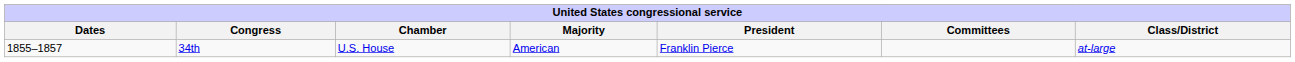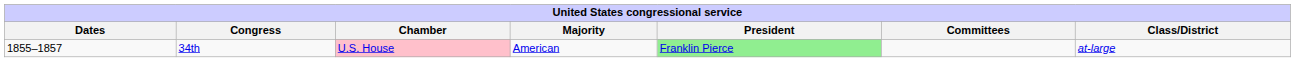 <table class=wikitable style="width: 94%" style="text-align: center;" align="center">
 <tr bgcolor=#cccccc>
 <th colspan=7 style="background: #ccccff;">United States congressional service</th>
 </tr>
 <tr>
 <th><strong>Dates</strong></th>
 <th><strong>Congress</strong></th>
 <th><strong>Chamber</strong></th>
 <th><strong>Majority</strong></th>
 <th><strong>President</strong></th>
 <th><strong>Committees</strong></th>
 <th><strong>Class/District</strong></th>
 </tr>
 <tr>
 <td>1855–1857</td>
 <td><a href='#'>34th</a></td>
-<td><a href='#'>U.S. House</a></td>
+<td style="background: pink;"><a href='#'>U.S. House</a></td>
 <td><a href='#'>American</a></td>
-<td><a href='#'>Franklin Pierce</a></td>
+<td style="background: lightgreen;"><a href='#'>Franklin Pierce</a></td>
 <td></td>
 <td><a href='#'><em>at-large</em></a></td>
 </tr>
 </table>
